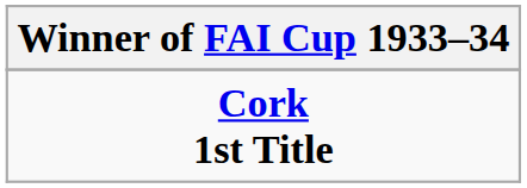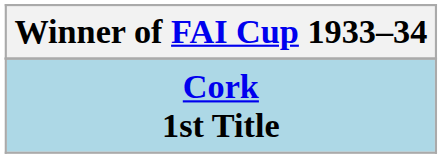 <table class="wikitable" style="text-align: center; margin: 0 auto;">
 <tr>
 <th>Winner of <a href='#'>FAI Cup</a> 1933–34</th>
 </tr>
 <tr>
 </tr>
 <tr>
-<td><strong><a href='#'>Cork</a></strong><br><strong>1st Title</strong></td>
+<td style="background: lightblue;"><strong><a href='#'>Cork</a></strong><br><strong>1st Title</strong></td>
 </tr>
 </table>
